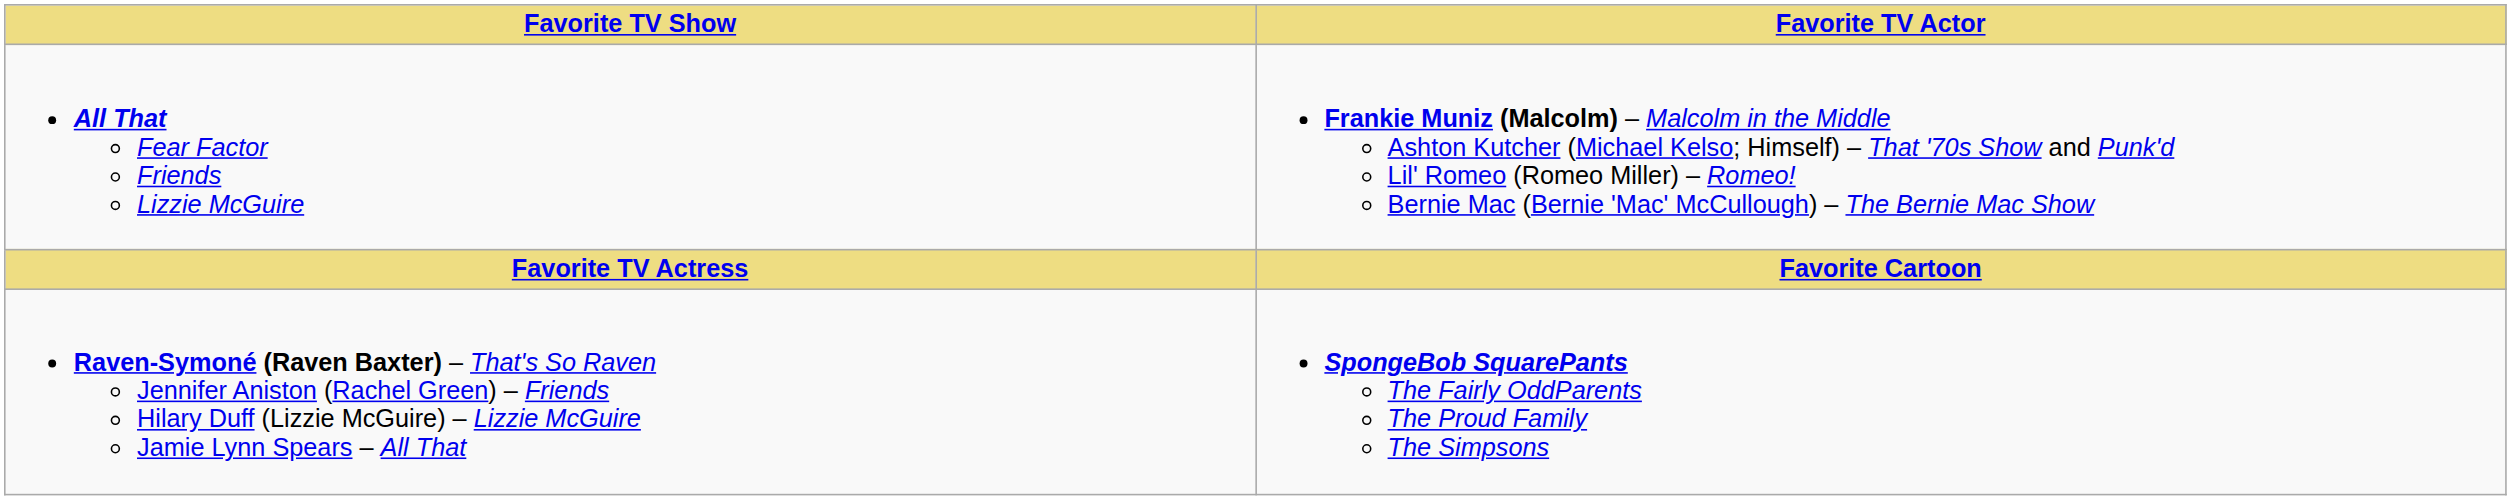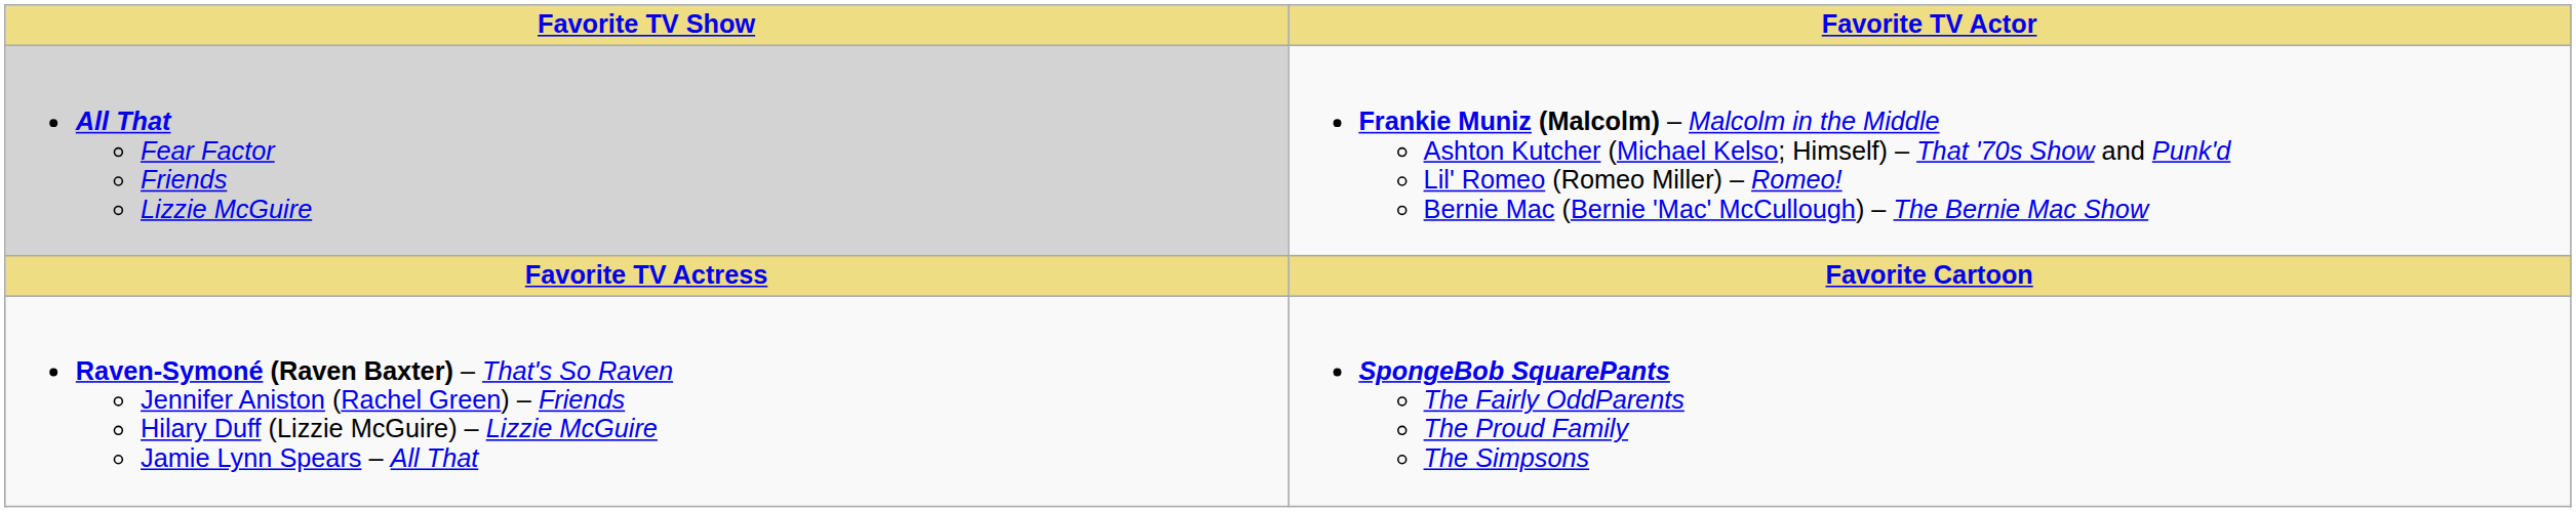 <table class="wikitable" style="width:100%">
 <tr>
 <th style="background:#EEDD82; width:50%"><a href='#'>Favorite TV Show</a></th>
 <th style="background:#EEDD82; width:50%"><a href='#'>Favorite TV Actor</a></th>
 </tr>
 <tr>
-<td valign="top"><br><ul><li><strong><em><a href='#'>All That</a></em></strong><ul><li><em><a href='#'>Fear Factor</a></em></li><li><em><a href='#'>Friends</a></em></li><li><em><a href='#'>Lizzie McGuire</a></em></li></ul></li></ul></td>
+<td valign="top" style="background: lightgrey;"><br><ul><li><strong><em><a href='#'>All That</a></em></strong><ul><li><em><a href='#'>Fear Factor</a></em></li><li><em><a href='#'>Friends</a></em></li><li><em><a href='#'>Lizzie McGuire</a></em></li></ul></li></ul></td>
 <td valign="top"><br><ul><li><strong><a href='#'>Frankie Muniz</a> (Malcolm)</strong> – <em><a href='#'>Malcolm in the Middle</a></em><ul><li><a href='#'>Ashton Kutcher</a> (<a href='#'>Michael Kelso</a>; Himself) – <em><a href='#'>That '70s Show</a></em> and <em><a href='#'>Punk'd</a></em></li><li><a href='#'>Lil' Romeo</a> (Romeo Miller) – <em><a href='#'>Romeo!</a></em></li><li><a href='#'>Bernie Mac</a> (<a href='#'>Bernie 'Mac' McCullough</a>) – <em><a href='#'>The Bernie Mac Show</a></em></li></ul></li></ul></td>
 </tr>
 <tr>
 <th style="background:#EEDD82; width:50%"><a href='#'>Favorite TV Actress</a></th>
 <th style="background:#EEDD82; width:50%"><a href='#'>Favorite Cartoon</a></th>
 </tr>
 <tr>
 <td valign="top"><br><ul><li><strong><a href='#'>Raven-Symoné</a> (Raven Baxter)</strong> – <em><a href='#'>That's So Raven</a></em><ul><li><a href='#'>Jennifer Aniston</a> (<a href='#'>Rachel Green</a>) – <em><a href='#'>Friends</a></em></li><li><a href='#'>Hilary Duff</a> (Lizzie McGuire) – <em><a href='#'>Lizzie McGuire</a></em></li><li><a href='#'>Jamie Lynn Spears</a> – <em><a href='#'>All That</a></em></li></ul></li></ul></td>
 <td valign="top"><br><ul><li><strong><em><a href='#'>SpongeBob SquarePants</a></em></strong><ul><li><em><a href='#'>The Fairly OddParents</a></em></li><li><em><a href='#'>The Proud Family</a></em></li><li><em><a href='#'>The Simpsons</a></em></li></ul></li></ul></td>
 </tr>
 </table>
